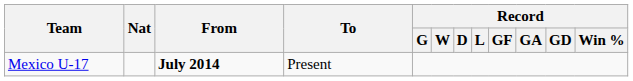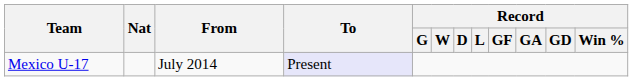 <table class="wikitable" style="text-align: center">
 <tr>
 <th rowspan="2" style="width:120px;">Team</th>
 <th rowspan="2" style="width:10px;">Nat</th>
 <th rowspan="2" style="width:130px;">From</th>
 <th rowspan="2" style="width:130px;">To</th>
 <th colspan="8">Record</th>
 </tr>
 <tr>
 <th>G</th>
 <th>W</th>
 <th>D</th>
 <th>L</th>
 <th>GF</th>
 <th>GA</th>
 <th>GD</th>
 <th>Win %</th>
 </tr>
 <tr>
 <td style="text-align:left;"><a href='#'>Mexico U-17</a></td>
 <td></td>
-<td style="text-align:left;"><strong>July 2014</strong></td>
-<td align="left">Present<br></td>
+<td style="text-align:left;">July 2014</td>
+<td align="left" style="background: lavender;">Present<br></td>
 </tr>
 </table>
